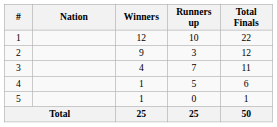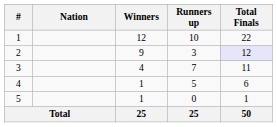 <table class="wikitable">
 <tr>
 <th width=40>#</th>
 <th width=130>Nation</th>
 <th width=80>Winners</th>
 <th width=80>Runners up</th>
 <th width=80>Total Finals</th>
 </tr>
 <tr>
 <td align=center>1</td>
 <td></td>
 <td align=center>12</td>
 <td align="center">10</td>
 <td align="center">22</td>
 </tr>
 <tr>
 <td align=center>2</td>
 <td></td>
 <td align=center>9</td>
 <td align=center>3</td>
-<td align=center>12</td>
+<td align=center style="background: lavender;">12</td>
 </tr>
 <tr>
 <td align=center>3</td>
 <td></td>
 <td align=center>4</td>
 <td align=center>7</td>
 <td align=center>11</td>
 </tr>
 <tr>
 <td align=center>4</td>
 <td></td>
 <td align=center>1</td>
 <td align=center>5</td>
 <td align=center>6</td>
 </tr>
 <tr>
 <td align=center>5</td>
 <td></td>
 <td align=center>1</td>
 <td align=center>0</td>
 <td align=center>1</td>
 </tr>
 <tr>
 <th colspan=2>Total</th>
 <th>25</th>
 <th>25</th>
 <th>50</th>
 </tr>
 </table>
